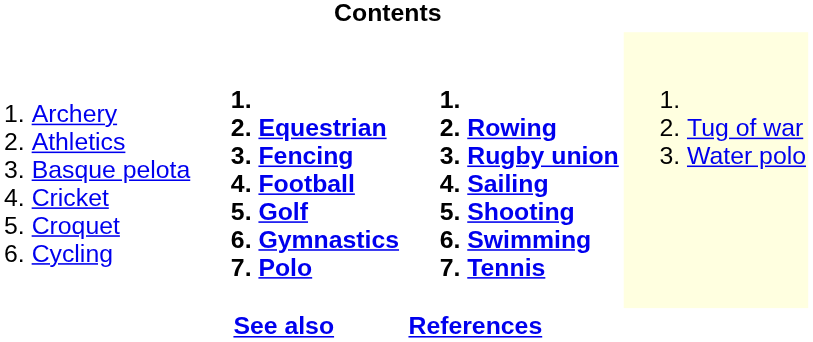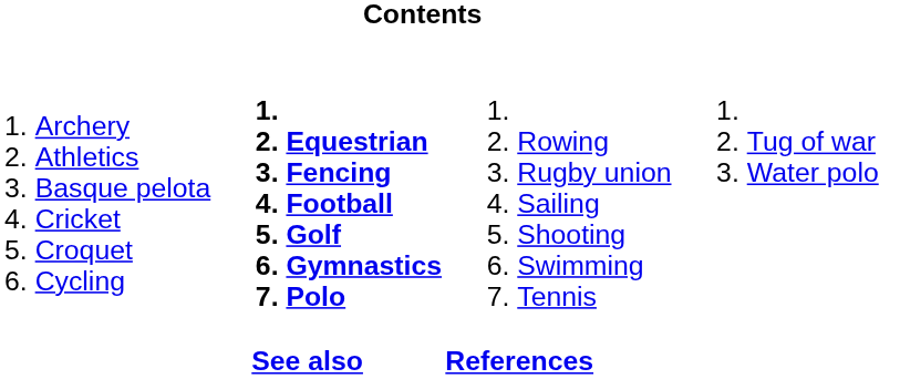 <table id="toc" class="toc" summary="Contents">
 <tr>
 <td align="center" colspan=4><strong>Contents</strong></td>
 </tr>
 <tr>
 <td><br><ol><li><a href='#'>Archery</a></li><li><a href='#'>Athletics</a></li><li><a href='#'>Basque pelota</a></li><li><a href='#'>Cricket</a></li><li><a href='#'>Croquet</a></li><li><a href='#'>Cycling</a></li></ol></td>
 <td valign=top><strong><br><ol><li><li><a href='#'>Equestrian</a></li><li><a href='#'>Fencing</a></li><li><a href='#'>Football</a></li><li><a href='#'>Golf</a></li><li><a href='#'>Gymnastics</a></li><li><a href='#'>Polo</a></li></ol></strong></td>
-<td valign=top><strong><br><ol><li><li><a href='#'>Rowing</a></li><li><a href='#'>Rugby union</a></li><li><a href='#'>Sailing</a></li><li><a href='#'>Shooting</a></li><li><a href='#'>Swimming</a></li><li><a href='#'>Tennis</a></li></ol></strong></td>
-<td valign=top style="background: lightyellow;"><br><ol><li><li><a href='#'>Tug of war</a></li><li><a href='#'>Water polo</a></li></ol></td>
+<td valign=top><br><ol><li><li><a href='#'>Rowing</a></li><li><a href='#'>Rugby union</a></li><li><a href='#'>Sailing</a></li><li><a href='#'>Shooting</a></li><li><a href='#'>Swimming</a></li><li><a href='#'>Tennis</a></li></ol></td>
+<td valign=top><br><ol><li><li><a href='#'>Tug of war</a></li><li><a href='#'>Water polo</a></li></ol></td>
 </tr>
 <tr>
 <td align=center colspan=4><strong><a href='#'>See also</a></strong>   <strong><a href='#'>References</a></strong></td>
 </tr>
 </table>
